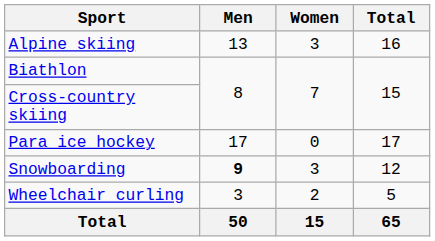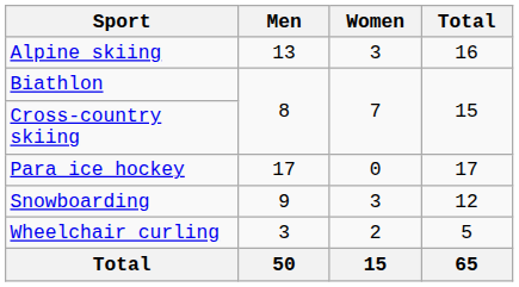 <table class="wikitable sortable" style=text-align:center>
 <tr>
 <th width=150>Sport</th>
 <th width=55>Men</th>
 <th width=55>Women</th>
 <th width=55>Total</th>
 </tr>
 <tr>
 <td align=left><a href='#'>Alpine skiing</a></td>
 <td>13</td>
 <td>3</td>
 <td>16</td>
 </tr>
 <tr>
 <td align=left><a href='#'>Biathlon</a></td>
 <td rowspan=2>8</td>
 <td rowspan=2>7</td>
 <td rowspan=2>15</td>
 </tr>
 <tr>
 <td align=left><a href='#'>Cross-country skiing</a></td>
 </tr>
 <tr>
 <td align=left><a href='#'>Para ice hockey</a></td>
 <td>17</td>
 <td>0</td>
 <td>17</td>
 </tr>
 <tr>
 <td align=left><a href='#'>Snowboarding</a></td>
-<td><strong>9</strong></td>
+<td>9</td>
 <td>3</td>
 <td>12</td>
 </tr>
 <tr>
 <td align=left><a href='#'>Wheelchair curling</a></td>
 <td>3</td>
 <td>2</td>
 <td>5</td>
 </tr>
 <tr>
 <th>Total</th>
 <th>50</th>
 <th>15</th>
 <th>65</th>
 </tr>
 </table>
